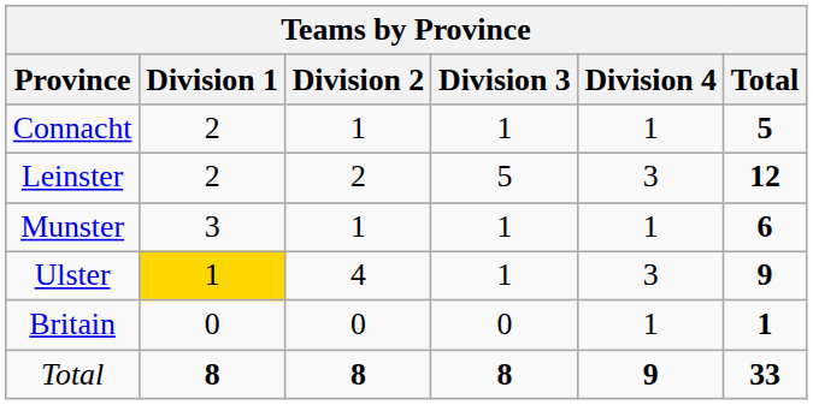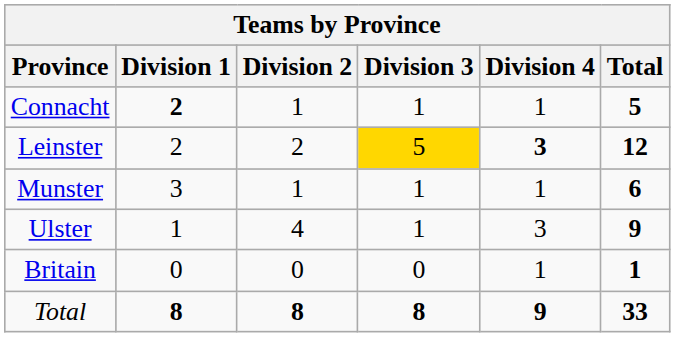 <table class="wikitable" style="text-align:center">
 <tr>
 <th colspan=6>Teams by Province</th>
 </tr>
 <tr>
 <th>Province</th>
 <th>Division 1</th>
 <th>Division 2</th>
 <th>Division 3</th>
 <th>Division 4</th>
 <th>Total</th>
 </tr>
 <tr>
 <td><a href='#'>Connacht</a></td>
-<td>2</td>
+<td><strong>2</strong></td>
 <td>1</td>
 <td>1</td>
 <td>1</td>
 <td><strong>5</strong></td>
 </tr>
 <tr>
 <td><a href='#'>Leinster</a></td>
 <td>2</td>
 <td>2</td>
-<td>5</td>
-<td>3</td>
+<td style="background: gold;">5</td>
+<td><strong>3</strong></td>
 <td><strong>12</strong></td>
 </tr>
 <tr>
 <td><a href='#'>Munster</a></td>
 <td>3</td>
 <td>1</td>
 <td>1</td>
 <td>1</td>
 <td><strong>6</strong></td>
 </tr>
 <tr>
 <td><a href='#'>Ulster</a></td>
-<td style="background: gold;">1</td>
+<td>1</td>
 <td>4</td>
 <td>1</td>
 <td>3</td>
 <td><strong>9</strong></td>
 </tr>
 <tr>
 <td><a href='#'>Britain</a></td>
 <td>0</td>
 <td>0</td>
 <td>0</td>
 <td>1</td>
 <td><strong>1</strong></td>
 </tr>
 <tr>
 <td><em>Total</em></td>
 <td><strong>8</strong></td>
 <td><strong>8</strong></td>
 <td><strong>8</strong></td>
 <td><strong>9</strong></td>
 <td><strong>33</strong></td>
 </tr>
 </table>
